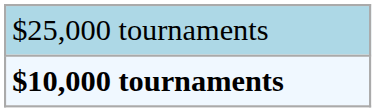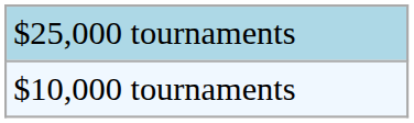 <table class="wikitable"  style="font-size:90%; width:11%;">
 <tr style="background:lightblue;">
 <td>$25,000 tournaments</td>
 </tr>
 <tr bgcolor="#f0f8ff">
-<td><strong>$10,000 tournaments</strong></td>
+<td>$10,000 tournaments</td>
 </tr>
 </table>
